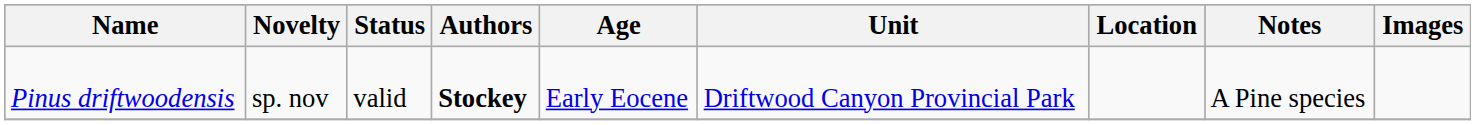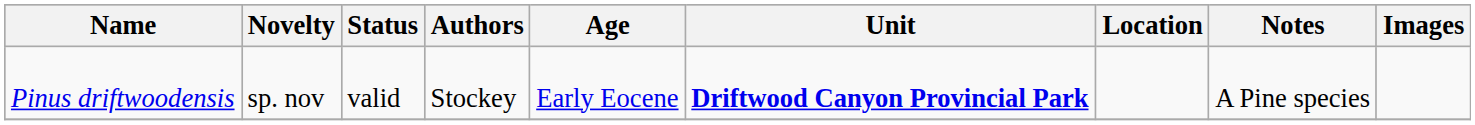 <table class="wikitable sortable" align="center" width="100%">
 <tr>
 <th>Name</th>
 <th>Novelty</th>
 <th>Status</th>
 <th>Authors</th>
 <th>Age</th>
 <th>Unit</th>
 <th>Location</th>
 <th>Notes</th>
 <th>Images</th>
 </tr>
 <tr>
 <td><br><em><a href='#'>Pinus driftwoodensis</a></em></td>
 <td><br>sp. nov</td>
 <td><br>valid</td>
-<td><strong><br>Stockey</strong></td>
+<td><br>Stockey</td>
 <td><br><a href='#'>Early Eocene</a></td>
-<td><br><a href='#'>Driftwood Canyon Provincial Park</a></td>
+<td><strong><br><a href='#'>Driftwood Canyon Provincial Park</a></strong></td>
 <td><br><br></td>
 <td><br>A Pine species</td>
 <td></td>
 </tr>
 <tr>
 </tr>
 </table>
